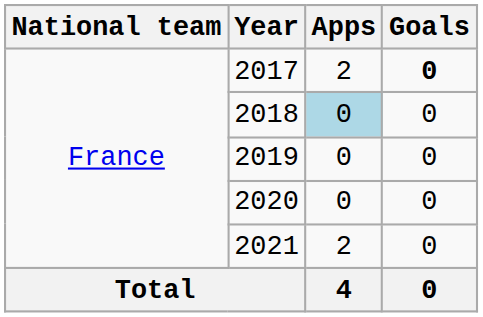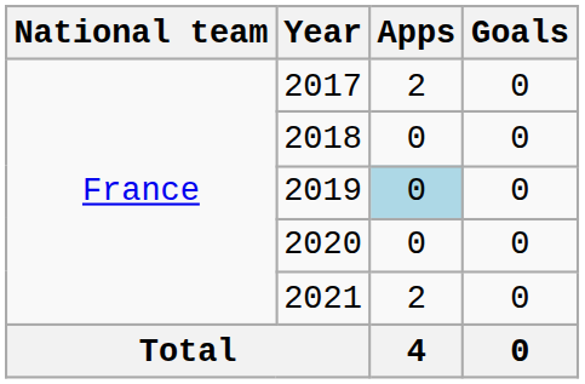 <table class="wikitable" style="text-align:center">
 <tr>
 <th>National team</th>
 <th>Year</th>
 <th>Apps</th>
 <th>Goals</th>
 </tr>
 <tr>
 <td rowspan="5"><a href='#'>France</a></td>
 <td>2017</td>
 <td>2</td>
-<td><strong>0</strong></td>
+<td>0</td>
 </tr>
 <tr>
 <td>2018</td>
-<td style="background: lightblue;">0</td>
+<td>0</td>
 <td>0</td>
 </tr>
 <tr>
 <td>2019</td>
-<td>0</td>
+<td style="background: lightblue;">0</td>
 <td>0</td>
 </tr>
 <tr>
 <td>2020</td>
 <td>0</td>
 <td>0</td>
 </tr>
 <tr>
 <td>2021</td>
 <td>2</td>
 <td>0</td>
 </tr>
 <tr>
 <th colspan="2">Total</th>
 <th>4</th>
 <th>0</th>
 </tr>
 </table>
